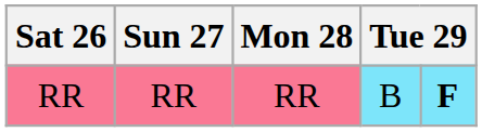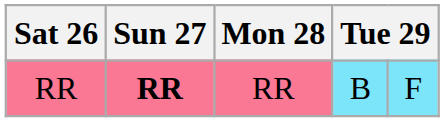 <table class="wikitable" style="margin:0.5em auto; font-size:90%; line-height:1.25em; text-align:center">
 <tr>
 <th>Sat 26</th>
 <th>Sun 27</th>
 <th>Mon 28</th>
 <th colspan="2">Tue 29</th>
 </tr>
 <tr>
 <td bgcolor="#FA7894">RR</td>
-<td bgcolor="#FA7894">RR</td>
+<td bgcolor="#FA7894"><strong>RR</strong></td>
 <td bgcolor="#FA7894">RR</td>
 <td bgcolor="#7DE5FA">B</td>
-<td bgcolor="#7DE5FA"><strong>F</strong></td>
+<td bgcolor="#7DE5FA">F</td>
 </tr>
 </table>
